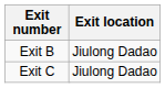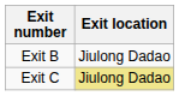 <table class="wikitable">
 <tr>
 <th style="width:70px" colspan="2">Exit number</th>
 <th>Exit location</th>
 </tr>
 <tr>
 <td align="center" colspan="2">Exit B</td>
 <td>Jiulong Dadao</td>
 </tr>
 <tr>
 <td align="center" colspan="2">Exit C</td>
-<td>Jiulong Dadao</td>
+<td style="background: khaki;">Jiulong Dadao</td>
 </tr>
 </table>
